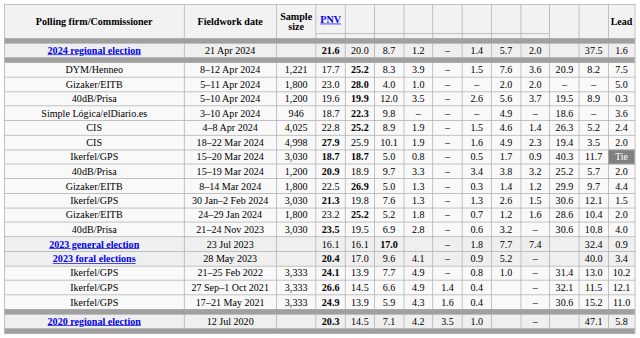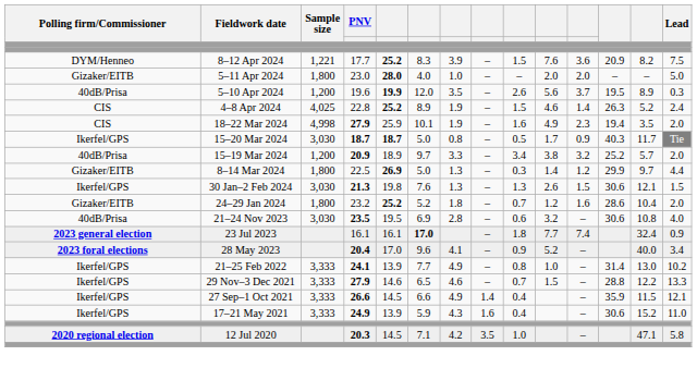 <table class="wikitable collapsible collapsed" style="text-align:center; font-size:90%; line-height:14px;">
 <tr style="height:42px;">
 <th style="width:250px;" rowspan="2">Polling firm/Commissioner</th>
 <th style="width:125px;" rowspan="2">Fieldwork date</th>
 <th style="width:50px;" rowspan="2">Sample size</th>
 <th style="width:35px;"><a href='#'>PNV</a></th>
 <th style="width:35px;"></th>
 <th style="width:35px;"></th>
 <th style="width:35px;"></th>
 <th style="width:35px;"></th>
 <th style="width:35px;"></th>
 <th style="width:35px;"></th>
 <th style="width:35px;"></th>
 <th style="width:35px;" rowspan="2"></th>
 <th style="width:35px;" rowspan="2"></th>
 <th style="width:30px;" rowspan="2">Lead</th>
 </tr>
 <tr>
 <th style="color:inherit;background:"></th>
 <th style="color:inherit;background:"></th>
 <th style="color:inherit;background:"></th>
 <th style="color:inherit;background:"></th>
 <th style="color:inherit;background:"></th>
 <th style="color:inherit;background:"></th>
 <th style="color:inherit;background:"></th>
 <th style="color:inherit;background:"></th>
 </tr>
 <tr>
 <td colspan="14" style="background:#A0A0A0"></td>
-</tr>
-<tr style="background:#EFEFEF;">
-<td><strong><a href='#'>2024 regional election</a></strong></td>
-<td>21 Apr 2024</td>
-<td></td>
-<td><strong>21.6</strong></td>
-<td>20.0</td>
-<td>8.7</td>
-<td>1.2</td>
-<td>–</td>
-<td>1.4</td>
-<td>5.7</td>
-<td>2.0</td>
-<td></td>
-<td>37.5</td>
-<td style="background:">1.6</td>
 </tr>
 <tr>
 <td colspan="14" style="background:#A0A0A0"></td>
 </tr>
 <tr>
 <td>DYM/Henneo</td>
 <td>8–12 Apr 2024</td>
 <td>1,221</td>
 <td>17.7</td>
 <td><strong>25.2</strong></td>
 <td>8.3</td>
 <td>3.9</td>
 <td>–</td>
 <td>1.5</td>
 <td>7.6</td>
 <td>3.6</td>
 <td>20.9</td>
 <td>8.2</td>
 <td style="background:">7.5</td>
 </tr>
 <tr>
 <td>Gizaker/EITB</td>
 <td>5–11 Apr 2024</td>
 <td>1,800</td>
 <td>23.0</td>
 <td><strong>28.0</strong></td>
 <td>4.0</td>
 <td>1.0</td>
 <td>–</td>
 <td>–</td>
 <td>2.0</td>
 <td>2.0</td>
 <td>–</td>
 <td>–</td>
 <td style="background:">5.0</td>
 </tr>
 <tr>
 <td>40dB/Prisa</td>
 <td>5–10 Apr 2024</td>
 <td>1,200</td>
 <td>19.6</td>
 <td><strong>19.9</strong></td>
 <td>12.0</td>
 <td>3.5</td>
 <td>–</td>
 <td>2.6</td>
 <td>5.6</td>
 <td>3.7</td>
 <td>19.5</td>
 <td>8.9</td>
 <td style="background:">0.3</td>
-</tr>
-<tr>
-<td>Simple Lógica/elDiario.es</td>
-<td>3–10 Apr 2024</td>
-<td>946</td>
-<td>18.7</td>
-<td><strong>22.3</strong></td>
-<td>9.8</td>
-<td>–</td>
-<td>–</td>
-<td>–</td>
-<td>4.9</td>
-<td>–</td>
-<td>18.6</td>
-<td>–</td>
-<td style="background:">3.6</td>
 </tr>
 <tr>
 <td>CIS</td>
 <td>4–8 Apr 2024</td>
 <td>4,025</td>
 <td>22.8</td>
 <td><strong>25.2</strong></td>
 <td>8.9</td>
 <td>1.9</td>
 <td>–</td>
 <td>1.5</td>
 <td>4.6</td>
 <td>1.4</td>
 <td>26.3</td>
 <td>5.2</td>
 <td style="background:">2.4</td>
 </tr>
 <tr>
 <td>CIS</td>
 <td>18–22 Mar 2024</td>
 <td>4,998</td>
 <td><strong>27.9</strong></td>
 <td>25.9</td>
 <td>10.1</td>
 <td>1.9</td>
 <td>–</td>
 <td>1.6</td>
 <td>4.9</td>
 <td>2.3</td>
 <td>19.4</td>
 <td>3.5</td>
 <td style="background:">2.0</td>
 </tr>
 <tr>
 <td>Ikerfel/GPS</td>
 <td>15–20 Mar 2024</td>
 <td>3,030</td>
 <td><strong>18.7</strong></td>
 <td><strong>18.7</strong></td>
 <td>5.0</td>
 <td>0.8</td>
 <td>–</td>
 <td>0.5</td>
 <td>1.7</td>
 <td>0.9</td>
 <td>40.3</td>
 <td>11.7</td>
 <td style="background:gray; color:white;">Tie</td>
 </tr>
 <tr>
 <td>40dB/Prisa</td>
 <td>15–19 Mar 2024</td>
 <td>1,200</td>
 <td><strong>20.9</strong></td>
 <td>18.9</td>
 <td>9.7</td>
 <td>3.3</td>
 <td>–</td>
 <td>3.4</td>
 <td>3.8</td>
 <td>3.2</td>
 <td>25.2</td>
 <td>5.7</td>
 <td style="background:">2.0</td>
 </tr>
 <tr>
 <td>Gizaker/EITB</td>
 <td>8–14 Mar 2024</td>
 <td>1,800</td>
 <td>22.5</td>
 <td><strong>26.9</strong></td>
 <td>5.0</td>
 <td>1.3</td>
 <td>–</td>
 <td>0.3</td>
 <td>1.4</td>
 <td>1.2</td>
 <td>29.9</td>
 <td>9.7</td>
 <td style="background:">4.4</td>
 </tr>
 <tr>
 <td>Ikerfel/GPS</td>
 <td>30 Jan–2 Feb 2024</td>
 <td>3,030</td>
 <td><strong>21.3</strong></td>
 <td>19.8</td>
 <td>7.6</td>
 <td>1.3</td>
 <td>–</td>
 <td>1.3</td>
 <td>2.6</td>
 <td>1.5</td>
 <td>30.6</td>
 <td>12.1</td>
 <td style="background:">1.5</td>
 </tr>
 <tr>
 <td>Gizaker/EITB</td>
 <td>24–29 Jan 2024</td>
 <td>1,800</td>
 <td>23.2</td>
 <td><strong>25.2</strong></td>
 <td>5.2</td>
 <td>1.8</td>
 <td>–</td>
 <td>0.7</td>
 <td>1.2</td>
 <td>1.6</td>
 <td>28.6</td>
 <td>10.4</td>
 <td style="background:">2.0</td>
 </tr>
 <tr>
 <td>40dB/Prisa</td>
 <td>21–24 Nov 2023</td>
 <td>3,030</td>
 <td><strong>23.5</strong></td>
 <td>19.5</td>
 <td>6.9</td>
 <td>2.8</td>
 <td>–</td>
 <td>0.6</td>
 <td>3.2</td>
 <td>–</td>
 <td>30.6</td>
 <td>10.8</td>
 <td style="background:">4.0</td>
 </tr>
 <tr style="background:#EFEFEF;">
 <td><strong><a href='#'>2023 general election</a></strong></td>
 <td>23 Jul 2023</td>
 <td></td>
 <td>16.1</td>
 <td>16.1</td>
 <td><strong>17.0</strong></td>
 <td></td>
 <td>–</td>
 <td>1.8</td>
 <td>7.7</td>
 <td>7.4</td>
 <td></td>
 <td>32.4</td>
 <td style="background:">0.9</td>
 </tr>
 <tr style="background:#EFEFEF;">
 <td><strong><a href='#'>2023 foral elections</a></strong></td>
 <td>28 May 2023</td>
 <td></td>
 <td><strong>20.4</strong></td>
 <td>17.0</td>
 <td>9.6</td>
 <td>4.1</td>
 <td>–</td>
 <td>0.9</td>
 <td>5.2</td>
 <td>–</td>
 <td></td>
 <td>40.0</td>
 <td style="background:">3.4</td>
 </tr>
 <tr>
 <td>Ikerfel/GPS</td>
 <td>21–25 Feb 2022</td>
 <td>3,333</td>
 <td><strong>24.1</strong></td>
 <td>13.9</td>
 <td>7.7</td>
 <td>4.9</td>
 <td>–</td>
 <td>0.8</td>
 <td>1.0</td>
 <td>–</td>
 <td>31.4</td>
 <td>13.0</td>
 <td style="background:">10.2</td>
 </tr>
 <tr>
 <td>Ikerfel/GPS</td>
+<td>29 Nov–3 Dec 2021</td>
+<td>3,333</td>
+<td><strong>27.9</strong></td>
+<td>14.6</td>
+<td>6.5</td>
+<td>4.6</td>
+<td>–</td>
+<td>0.7</td>
+<td>1.5</td>
+<td>–</td>
+<td>28.8</td>
+<td>12.2</td>
+<td style="background:">13.3</td>
+</tr>
+<tr>
+<td>Ikerfel/GPS</td>
 <td>27 Sep–1 Oct 2021</td>
 <td>3,333</td>
 <td><strong>26.6</strong></td>
 <td>14.5</td>
 <td>6.6</td>
 <td>4.9</td>
 <td>1.4</td>
 <td>0.4</td>
 <td></td>
 <td>–</td>
-<td>32.1</td>
+<td>35.9</td>
 <td>11.5</td>
 <td style="background:">12.1</td>
 </tr>
 <tr>
 <td>Ikerfel/GPS</td>
 <td>17–21 May 2021</td>
 <td>3,333</td>
 <td><strong>24.9</strong></td>
 <td>13.9</td>
 <td>5.9</td>
 <td>4.3</td>
 <td>1.6</td>
 <td>0.4</td>
 <td></td>
 <td>–</td>
 <td>30.6</td>
 <td>15.2</td>
 <td style="background:">11.0</td>
 </tr>
 <tr>
 <td colspan="14" style="background:#A0A0A0"></td>
 </tr>
 <tr style="background:#EFEFEF;">
 <td><strong><a href='#'>2020 regional election</a></strong></td>
 <td>12 Jul 2020</td>
 <td></td>
 <td><strong>20.3</strong></td>
 <td>14.5</td>
 <td>7.1</td>
 <td>4.2</td>
 <td>3.5</td>
 <td>1.0</td>
 <td></td>
 <td>–</td>
 <td></td>
 <td>47.1</td>
 <td style="background:">5.8</td>
 </tr>
 <tr>
 <td colspan="14" style="background:#A0A0A0"></td>
 </tr>
 </table>
